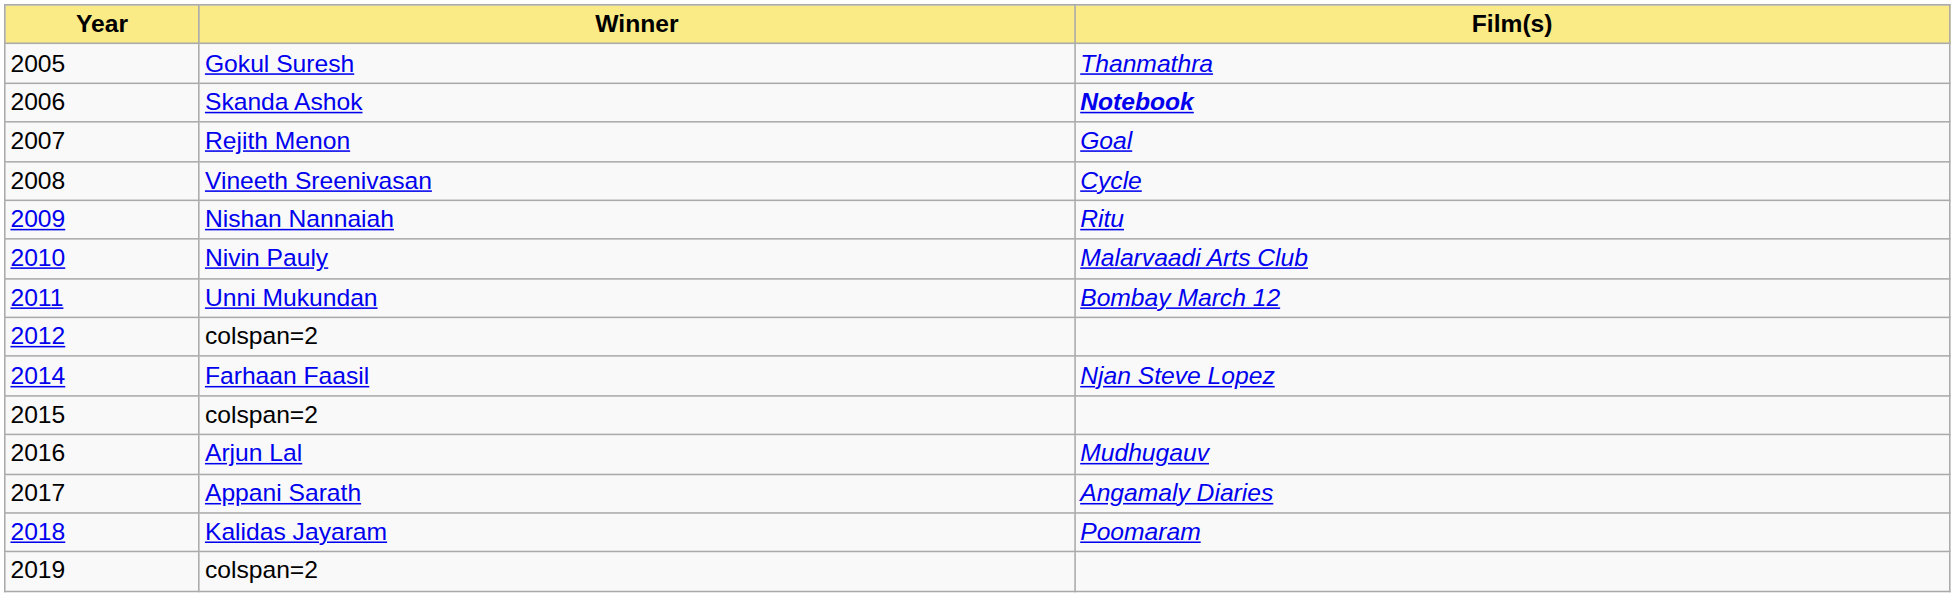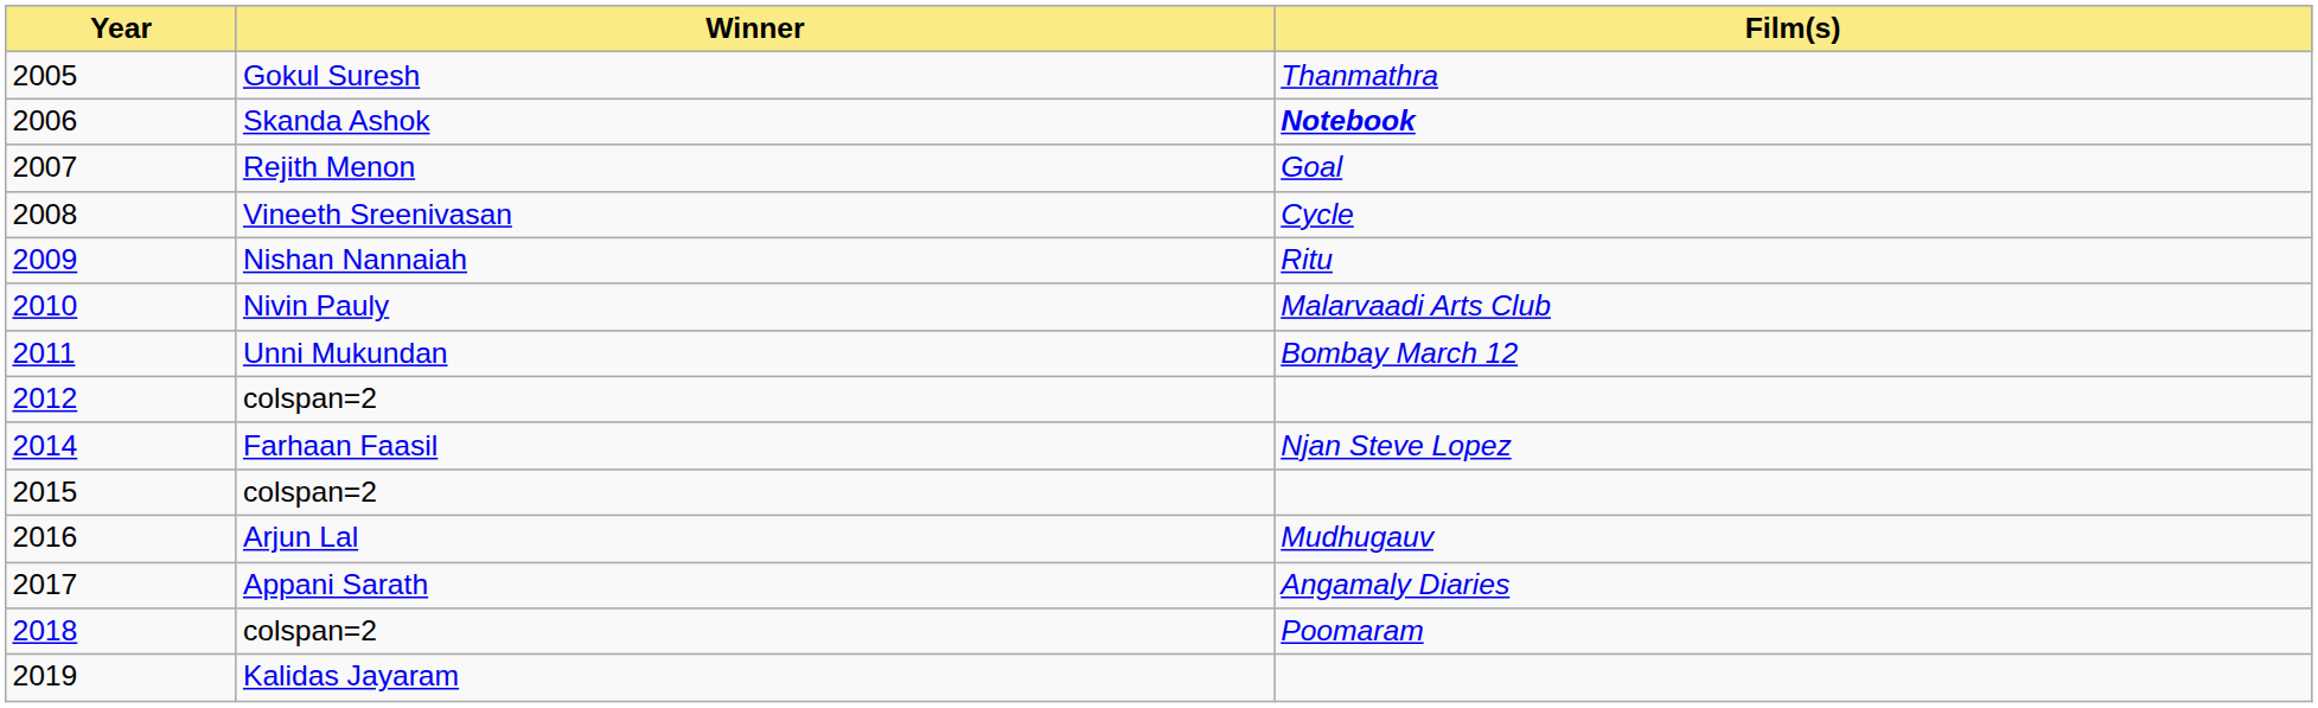 <table class="wikitable" style="width:100%">
 <tr bgcolor="#bebebe">
 <th width="10%" style="background:#FAEB86">Year</th>
 <th width="45%" style="background:#FAEB86">Winner</th>
 <th width="45%" style="background:#FAEB86">Film(s)</th>
 </tr>
 <tr>
 <td>2005</td>
 <td><a href='#'>Gokul Suresh</a></td>
 <td><em><a href='#'>Thanmathra</a></em></td>
 </tr>
 <tr>
 <td>2006</td>
 <td><a href='#'>Skanda Ashok</a></td>
 <td><strong><em><a href='#'>Notebook</a></em></strong></td>
 </tr>
 <tr>
 <td>2007</td>
 <td><a href='#'>Rejith Menon</a></td>
 <td><em><a href='#'>Goal</a></em></td>
 </tr>
 <tr>
 <td>2008</td>
 <td><a href='#'>Vineeth Sreenivasan</a></td>
 <td><em><a href='#'>Cycle</a></em></td>
 </tr>
 <tr>
 <td><a href='#'>2009</a></td>
 <td><a href='#'>Nishan Nannaiah</a></td>
 <td><em><a href='#'>Ritu</a></em></td>
 </tr>
 <tr>
 <td><a href='#'>2010</a></td>
 <td><a href='#'>Nivin Pauly</a></td>
 <td><em><a href='#'>Malarvaadi Arts Club</a></em></td>
 </tr>
 <tr>
 <td><a href='#'>2011</a></td>
 <td><a href='#'>Unni Mukundan</a></td>
 <td><em><a href='#'>Bombay March 12</a></em></td>
 </tr>
 <tr>
 <td><a href='#'>2012</a></td>
 <td>colspan=2 </td>
 </tr>
 <tr>
 <td><a href='#'>2014</a></td>
 <td><a href='#'>Farhaan Faasil</a></td>
 <td><em><a href='#'>Njan Steve Lopez</a></em></td>
 </tr>
 <tr>
 <td>2015</td>
 <td>colspan=2 </td>
 </tr>
 <tr>
 <td>2016</td>
 <td><a href='#'>Arjun Lal</a></td>
 <td><em><a href='#'>Mudhugauv</a></em></td>
 </tr>
 <tr>
 <td>2017</td>
 <td><a href='#'>Appani Sarath</a></td>
 <td><em><a href='#'>Angamaly Diaries</a></em></td>
 </tr>
 <tr>
 <td><a href='#'>2018</a></td>
-<td><a href='#'>Kalidas Jayaram</a></td>
+<td>colspan=2 </td>
 <td><em><a href='#'>Poomaram</a></em></td>
 </tr>
 <tr>
 <td>2019</td>
-<td>colspan=2 </td>
+<td><a href='#'>Kalidas Jayaram</a></td>
 </tr>
 </table>
